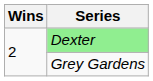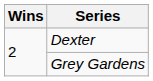 <table class="wikitable">
 <tr>
 <th>Wins</th>
 <th>Series</th>
 </tr>
 <tr>
 <td rowspan="2">2</td>
-<td style="background: lightgreen;"><em>Dexter</em></td>
+<td><em>Dexter</em></td>
 </tr>
 <tr>
 <td><em>Grey Gardens</em></td>
 </tr>
 </table>
